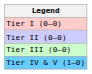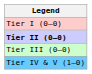 <table class=wikitable style=font-size:90%>
 <tr>
 <th>Legend</th>
 </tr>
 <tr>
 <td style="background:#fcc;">Tier I (0–0)</td>
 </tr>
 <tr>
-<td style="background:#ccf;">Tier II (0–0)</td>
+<td style="background:#ccf;"><strong>Tier II (0–0)</strong></td>
 </tr>
 <tr>
 <td style="background:#cfc;">Tier III (0–0)</td>
 </tr>
 <tr>
 <td style="background:#6cf;">Tier IV & V (1–0)</td>
 </tr>
 </table>
